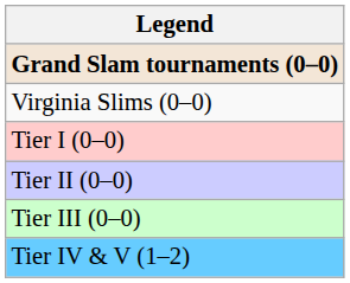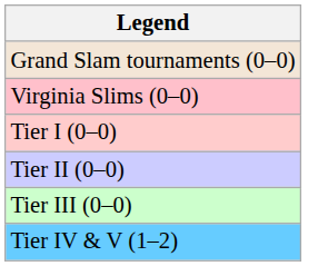 <table class="wikitable sortable mw-collapsible mw-collapsed">
 <tr>
 <th>Legend</th>
 </tr>
 <tr>
-<td bgcolor="#f3e6d7"><strong>Grand Slam tournaments (0–0)</strong></td>
+<td bgcolor="#f3e6d7">Grand Slam tournaments (0–0)</td>
 </tr>
 <tr>
-<td>Virginia Slims (0–0)</td>
+<td style="background: pink;">Virginia Slims (0–0)</td>
 </tr>
 <tr>
 <td bgcolor="#ffcccc">Tier I (0–0)</td>
 </tr>
 <tr>
 <td bgcolor="#ccccff">Tier II (0–0)</td>
 </tr>
 <tr>
 <td bgcolor="#CCFFCC">Tier III (0–0)</td>
 </tr>
 <tr>
 <td bgcolor="#66CCFF">Tier IV & V (1–2)</td>
 </tr>
 </table>
